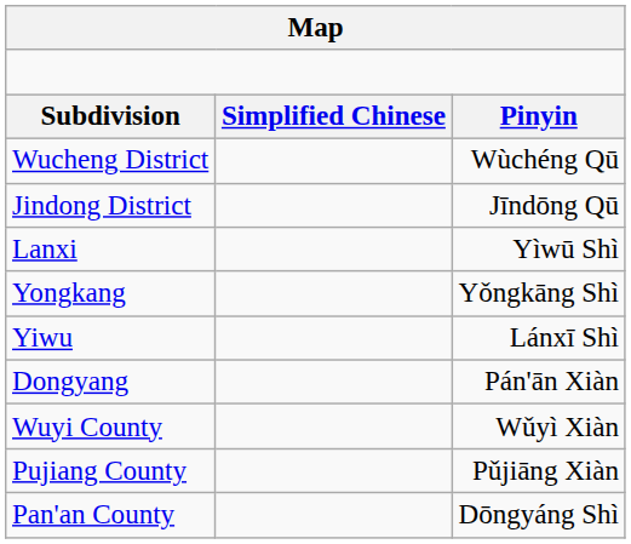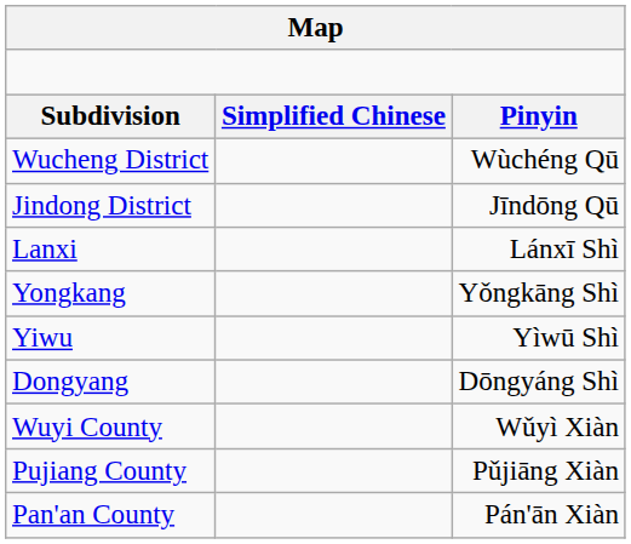 <table class="wikitable" style="font-size:100%;">
 <tr>
 <th colspan="3">Map</th>
 </tr>
 <tr>
 <td colspan="3"><div><br>            </div></td>
 </tr>
 <tr>
 <th align=left>Subdivision</th>
 <th align=left><a href='#'>Simplified Chinese</a></th>
 <th align=left><a href='#'>Pinyin</a></th>
 </tr>
 <tr>
 <td align=left><a href='#'>Wucheng District</a></td>
 <td align=middle></td>
 <td align=right>Wùchéng Qū</td>
 </tr>
 <tr>
 <td align=left><a href='#'>Jindong District</a></td>
 <td align=middle></td>
 <td align=right>Jīndōng Qū</td>
 </tr>
 <tr>
 <td align=left><a href='#'>Lanxi</a></td>
 <td align=middle></td>
-<td align=right>Yìwū Shì</td>
+<td align=right>Lánxī Shì</td>
 </tr>
 <tr>
 <td align=left><a href='#'>Yongkang</a></td>
 <td align=middle></td>
 <td align=right>Yǒngkāng Shì</td>
 </tr>
 <tr>
 <td align=left><a href='#'>Yiwu</a></td>
 <td align=middle></td>
-<td align=right>Lánxī Shì</td>
+<td align=right>Yìwū Shì</td>
 </tr>
 <tr>
 <td align=left><a href='#'>Dongyang</a></td>
 <td align=middle></td>
-<td align=right>Pán'ān Xiàn</td>
+<td align=right>Dōngyáng Shì</td>
 </tr>
 <tr>
 <td align=left><a href='#'>Wuyi County</a></td>
 <td align=middle></td>
 <td align=right>Wǔyì Xiàn</td>
 </tr>
 <tr>
 <td align=left><a href='#'>Pujiang County</a></td>
 <td align=middle></td>
 <td align=right>Pǔjiāng Xiàn</td>
 </tr>
 <tr>
 <td align=left><a href='#'>Pan'an County</a></td>
 <td align=middle></td>
-<td align=right>Dōngyáng Shì</td>
+<td align=right>Pán'ān Xiàn</td>
 </tr>
 </table>
